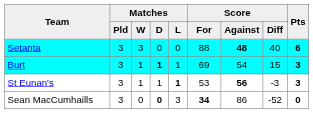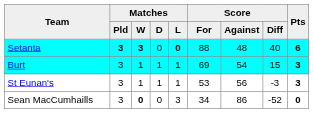 <table style=border-collapse:collapse border=1 cellspacing=0 cellpadding=5>
 <tr align=center bgcolor=#efefef>
 <th rowspan=2 width=165>Team</th>
 <th colspan=4>Matches</th>
 <th colspan=3>Score</th>
 <th rowspan=2width=20>Pts</th>
 </tr>
 <tr align=center bgcolor=#efefef>
 <th width=20>Pld</th>
 <th width=20>W</th>
 <th width=20>D</th>
 <th width=20>L</th>
 <th width=45>For</th>
 <th width=45>Against</th>
 <th width=30>Diff</th>
 </tr>
 <tr align=center style="background:#00FFFF;">
 <td style="text-align:left;"><a href='#'>Setanta</a></td>
-<td>3</td>
-<td>3</td>
+<td><strong>3</strong></td>
+<td><strong>3</strong></td>
 <td>0</td>
-<td>0</td>
+<td><strong>0</strong></td>
 <td>88</td>
-<td><strong>48</strong></td>
+<td>48</td>
 <td>40</td>
 <td><strong>6</strong></td>
 </tr>
 <tr align=center style="background:#00FFFF;">
 <td style="text-align:left;"><a href='#'>Burt</a></td>
 <td>3</td>
 <td>1</td>
-<td><strong>1</strong></td>
+<td>1</td>
 <td>1</td>
 <td>69</td>
 <td>54</td>
 <td>15</td>
 <td><strong>3</strong></td>
 </tr>
 <tr align=center>
 <td style="text-align:left;"><a href='#'>St Eunan's</a></td>
 <td>3</td>
 <td>1</td>
 <td>1</td>
-<td><strong>1</strong></td>
+<td>1</td>
 <td>53</td>
-<td><strong>56</strong></td>
+<td>56</td>
 <td>-3</td>
 <td><strong>3</strong></td>
 </tr>
 <tr align=center>
 <td style="text-align:left;">Sean MacCumhaills</td>
 <td>3</td>
+<td><strong>0</strong></td>
 <td>0</td>
-<td><strong>0</strong></td>
 <td>3</td>
-<td><strong>34</strong></td>
+<td>34</td>
 <td>86</td>
 <td>-52</td>
 <td><strong>0</strong></td>
 </tr>
 </table>
